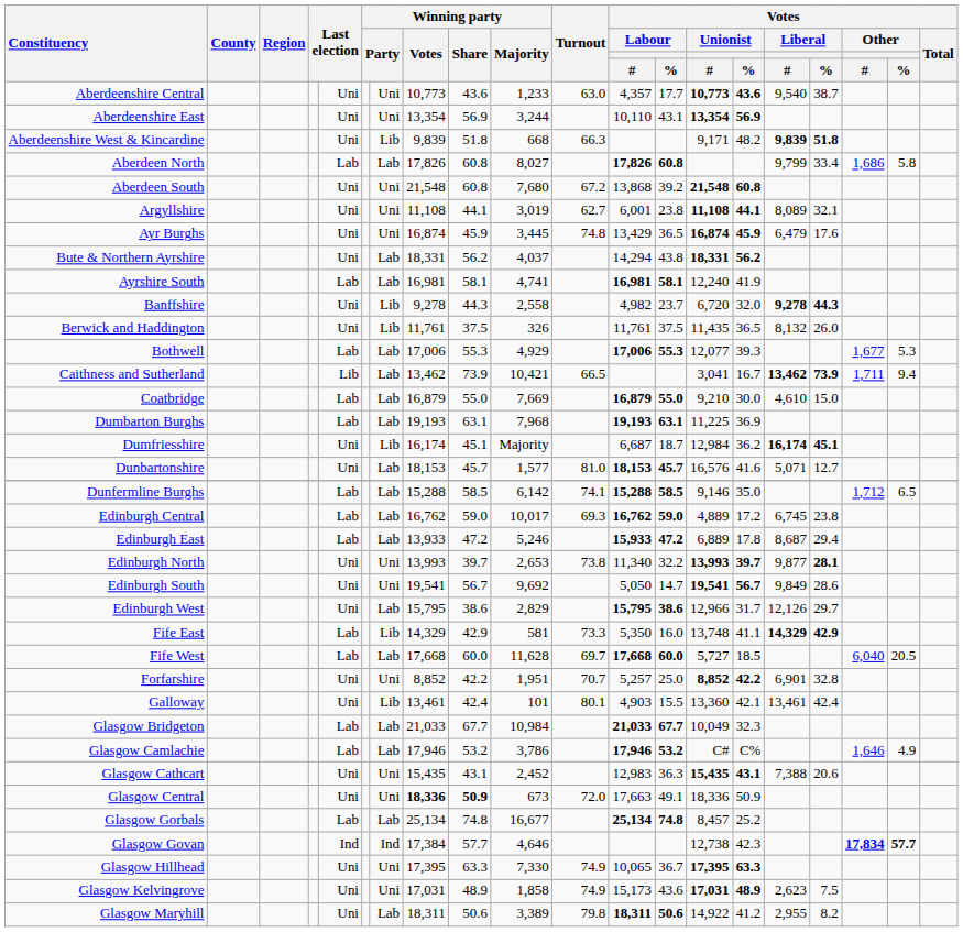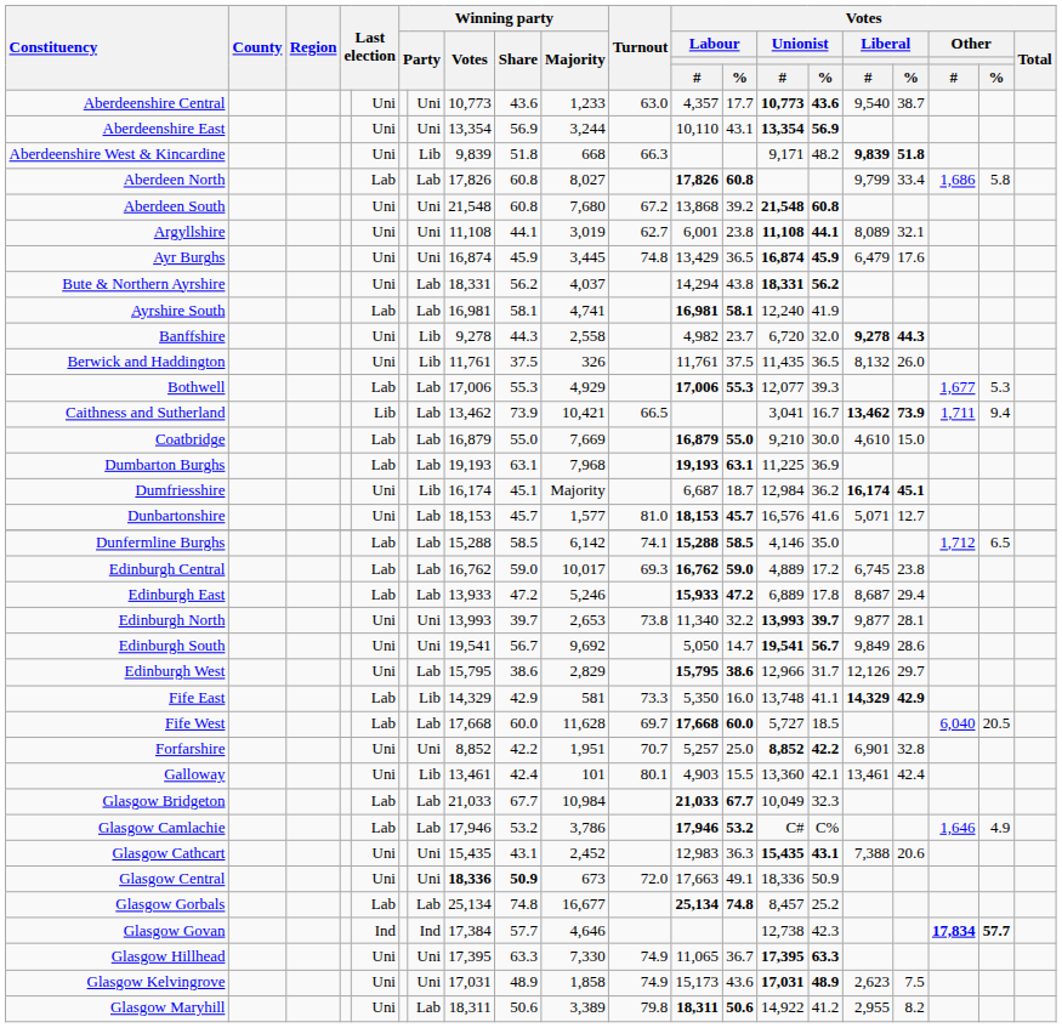 <table class="wikitable sortable" style="text-align:right; font-size:80%">
 <tr>
 <th rowspan="4" scope="col" style="text-align:left;"><a href='#'>Constituency</a></th>
 <th rowspan="4" scope="col"><a href='#'>County</a></th>
 <th rowspan="4" scope="col"><a href='#'>Region</a></th>
 <th colspan="2" rowspan="4" scope="col">Last<br>election</th>
 <th scope="col" colspan="5">Winning party</th>
 <th rowspan="4" scope="col">Turnout<br></th>
 <th colspan="9" scope="col">Votes</th>
 </tr>
 <tr>
 <th colspan="2" rowspan="3" scope="col">Party</th>
 <th rowspan="3" scope="col">Votes</th>
 <th rowspan="3" scope="col">Share</th>
 <th rowspan="3" scope="col">Majority</th>
 <th colspan="2" scope="col"><a href='#'>Labour</a></th>
 <th colspan="2" scope="col"><a href='#'>Unionist</a></th>
 <th colspan="2" scope="col"><a href='#'>Liberal</a></th>
 <th colspan="2" scope="col">Other</th>
 <th rowspan="3" scope="col">Total</th>
 </tr>
 <tr>
 <th colspan="2" scope="col" style="background:"></th>
 <th colspan="2" scope="col" style="background:"></th>
 <th colspan="2" scope="col" style="background:"></th>
 <th colspan="2"></th>
 </tr>
 <tr>
 <th>#</th>
 <th>%</th>
 <th>#</th>
 <th>%</th>
 <th>#</th>
 <th>%</th>
 <th>#</th>
 <th>%</th>
 </tr>
 <tr>
 <td><a href='#'>Aberdeenshire Central</a></td>
 <td></td>
 <td></td>
 <td></td>
 <td>Uni</td>
 <td></td>
 <td>Uni</td>
 <td>10,773</td>
 <td>43.6</td>
 <td>1,233</td>
 <td>63.0</td>
 <td>4,357</td>
 <td>17.7</td>
 <td><strong>10,773</strong></td>
 <td><strong>43.6</strong></td>
 <td>9,540</td>
 <td>38.7</td>
 <td></td>
 <td></td>
 <td></td>
 </tr>
 <tr>
 <td><a href='#'>Aberdeenshire East</a></td>
 <td></td>
 <td></td>
 <td></td>
 <td>Uni</td>
 <td></td>
 <td>Uni</td>
 <td>13,354</td>
 <td>56.9</td>
 <td>3,244</td>
 <td></td>
 <td>10,110</td>
 <td>43.1</td>
 <td><strong>13,354</strong></td>
 <td><strong>56.9</strong></td>
 <td></td>
 <td></td>
 <td></td>
 <td></td>
 <td></td>
 </tr>
 <tr>
 <td><a href='#'>Aberdeenshire West & Kincardine</a></td>
 <td></td>
 <td></td>
 <td></td>
 <td>Uni</td>
 <td></td>
 <td>Lib</td>
 <td>9,839</td>
 <td>51.8</td>
 <td>668</td>
 <td>66.3</td>
 <td></td>
 <td></td>
 <td>9,171</td>
 <td>48.2</td>
 <td><strong>9,839</strong></td>
 <td><strong>51.8</strong></td>
 <td></td>
 <td></td>
 <td></td>
 </tr>
 <tr>
 <td><a href='#'>Aberdeen North</a></td>
 <td></td>
 <td></td>
 <td></td>
 <td>Lab</td>
 <td></td>
 <td>Lab</td>
 <td>17,826</td>
 <td>60.8</td>
 <td>8,027</td>
 <td></td>
 <td><strong>17,826</strong></td>
 <td><strong>60.8</strong></td>
 <td></td>
 <td></td>
 <td>9,799</td>
 <td>33.4</td>
 <td><a href='#'>1,686</a></td>
 <td>5.8</td>
 <td></td>
 </tr>
 <tr>
 <td><a href='#'>Aberdeen South</a></td>
 <td></td>
 <td></td>
 <td></td>
 <td>Uni</td>
 <td></td>
 <td>Uni</td>
 <td>21,548</td>
 <td>60.8</td>
 <td>7,680</td>
 <td>67.2</td>
 <td>13,868</td>
 <td>39.2</td>
 <td><strong>21,548</strong></td>
 <td><strong>60.8</strong></td>
 <td></td>
 <td></td>
 <td></td>
 <td></td>
 <td></td>
 </tr>
 <tr>
 <td><a href='#'>Argyllshire</a></td>
 <td></td>
 <td></td>
 <td></td>
 <td>Uni</td>
 <td></td>
 <td>Uni</td>
 <td>11,108</td>
 <td>44.1</td>
 <td>3,019</td>
 <td>62.7</td>
 <td>6,001</td>
 <td>23.8</td>
 <td><strong>11,108</strong></td>
 <td><strong>44.1</strong></td>
 <td>8,089</td>
 <td>32.1</td>
 <td></td>
 <td></td>
 <td></td>
 </tr>
 <tr>
 <td><a href='#'>Ayr Burghs</a></td>
 <td></td>
 <td></td>
 <td></td>
 <td>Uni</td>
 <td></td>
 <td>Uni</td>
 <td>16,874</td>
 <td>45.9</td>
 <td>3,445</td>
 <td>74.8</td>
 <td>13,429</td>
 <td>36.5</td>
 <td><strong>16,874</strong></td>
 <td><strong>45.9</strong></td>
 <td>6,479</td>
 <td>17.6</td>
 <td></td>
 <td></td>
 <td></td>
 </tr>
 <tr>
 <td><a href='#'>Bute & Northern Ayrshire</a></td>
 <td></td>
 <td></td>
 <td></td>
 <td>Uni</td>
 <td></td>
 <td>Lab</td>
 <td>18,331</td>
 <td>56.2</td>
 <td>4,037</td>
 <td></td>
 <td>14,294</td>
 <td>43.8</td>
 <td><strong>18,331</strong></td>
 <td><strong>56.2</strong></td>
 <td></td>
 <td></td>
 <td></td>
 <td></td>
 <td></td>
 </tr>
 <tr>
 <td><a href='#'>Ayrshire South</a></td>
 <td></td>
 <td></td>
 <td></td>
 <td>Lab</td>
 <td></td>
 <td>Lab</td>
 <td>16,981</td>
 <td>58.1</td>
 <td>4,741</td>
 <td></td>
 <td><strong>16,981</strong></td>
 <td><strong>58.1</strong></td>
 <td>12,240</td>
 <td>41.9</td>
 <td></td>
 <td></td>
 <td></td>
 <td></td>
 <td></td>
 </tr>
 <tr>
 <td><a href='#'>Banffshire</a></td>
 <td></td>
 <td></td>
 <td></td>
 <td>Uni</td>
 <td></td>
 <td>Lib</td>
 <td>9,278</td>
 <td>44.3</td>
 <td>2,558</td>
 <td></td>
 <td>4,982</td>
 <td>23.7</td>
 <td>6,720</td>
 <td>32.0</td>
 <td><strong>9,278</strong></td>
 <td><strong>44.3</strong></td>
 <td></td>
 <td></td>
 <td></td>
 </tr>
 <tr>
 <td><a href='#'>Berwick and Haddington</a></td>
 <td></td>
 <td></td>
 <td></td>
 <td>Uni</td>
 <td></td>
 <td>Lib</td>
 <td>11,761</td>
 <td>37.5</td>
 <td>326</td>
 <td></td>
 <td>11,761</td>
 <td>37.5</td>
 <td>11,435</td>
 <td>36.5</td>
 <td>8,132</td>
 <td>26.0</td>
 <td></td>
 <td></td>
 <td></td>
 </tr>
 <tr>
 <td><a href='#'>Bothwell</a></td>
 <td></td>
 <td></td>
 <td></td>
 <td>Lab</td>
 <td></td>
 <td>Lab</td>
 <td>17,006</td>
 <td>55.3</td>
 <td>4,929</td>
 <td></td>
 <td><strong>17,006</strong></td>
 <td><strong>55.3</strong></td>
 <td>12,077</td>
 <td>39.3</td>
 <td></td>
 <td></td>
 <td><a href='#'>1,677</a></td>
 <td>5.3</td>
 <td></td>
 </tr>
 <tr>
 <td><a href='#'>Caithness and Sutherland</a></td>
 <td></td>
 <td></td>
 <td></td>
 <td>Lib</td>
 <td></td>
 <td>Lab</td>
 <td>13,462</td>
 <td>73.9</td>
 <td>10,421</td>
 <td>66.5</td>
 <td></td>
 <td></td>
 <td>3,041</td>
 <td>16.7</td>
 <td><strong>13,462</strong></td>
 <td><strong>73.9</strong></td>
 <td><a href='#'>1,711</a></td>
 <td>9.4</td>
 <td></td>
 </tr>
 <tr>
 <td><a href='#'>Coatbridge</a></td>
 <td></td>
 <td></td>
 <td></td>
 <td>Lab</td>
 <td></td>
 <td>Lab</td>
 <td>16,879</td>
 <td>55.0</td>
 <td>7,669</td>
 <td></td>
 <td><strong>16,879</strong></td>
 <td><strong>55.0</strong></td>
 <td>9,210</td>
 <td>30.0</td>
 <td>4,610</td>
 <td>15.0</td>
 <td></td>
 <td></td>
 <td></td>
 </tr>
 <tr>
 <td><a href='#'>Dumbarton Burghs</a></td>
 <td></td>
 <td></td>
 <td></td>
 <td>Lab</td>
 <td></td>
 <td>Lab</td>
 <td>19,193</td>
 <td>63.1</td>
 <td>7,968</td>
 <td></td>
 <td><strong>19,193</strong></td>
 <td><strong>63.1</strong></td>
 <td>11,225</td>
 <td>36.9</td>
 <td></td>
 <td></td>
 <td></td>
 <td></td>
 <td></td>
 </tr>
 <tr>
 <td><a href='#'>Dumfriesshire</a></td>
 <td></td>
 <td></td>
 <td></td>
 <td>Uni</td>
 <td></td>
 <td>Lib</td>
 <td>16,174</td>
 <td>45.1</td>
 <td>Majority</td>
 <td></td>
 <td>6,687</td>
 <td>18.7</td>
 <td>12,984</td>
 <td>36.2</td>
 <td><strong>16,174</strong></td>
 <td><strong>45.1</strong></td>
 <td></td>
 <td></td>
 <td></td>
 </tr>
 <tr>
 <td><a href='#'>Dunbartonshire</a></td>
 <td></td>
 <td></td>
 <td></td>
 <td>Uni</td>
 <td></td>
 <td>Lab</td>
 <td>18,153</td>
 <td>45.7</td>
 <td>1,577</td>
 <td>81.0</td>
 <td><strong>18,153</strong></td>
 <td><strong>45.7</strong></td>
 <td>16,576</td>
 <td>41.6</td>
 <td>5,071</td>
 <td>12.7</td>
 <td></td>
 <td></td>
 <td></td>
 </tr>
 <tr>
 </tr>
 <tr>
 <td><a href='#'>Dunfermline Burghs</a></td>
 <td></td>
 <td></td>
 <td></td>
 <td>Lab</td>
 <td></td>
 <td>Lab</td>
 <td>15,288</td>
 <td>58.5</td>
 <td>6,142</td>
 <td>74.1</td>
 <td><strong>15,288</strong></td>
 <td><strong>58.5</strong></td>
-<td>9,146</td>
+<td>4,146</td>
 <td>35.0</td>
 <td></td>
 <td></td>
 <td><a href='#'>1,712</a></td>
 <td>6.5</td>
 <td></td>
 </tr>
 <tr>
 <td><a href='#'>Edinburgh Central</a></td>
 <td></td>
 <td></td>
 <td></td>
 <td>Lab</td>
 <td></td>
 <td>Lab</td>
 <td>16,762</td>
 <td>59.0</td>
 <td>10,017</td>
 <td>69.3</td>
 <td><strong>16,762</strong></td>
 <td><strong>59.0</strong></td>
 <td>4,889</td>
 <td>17.2</td>
 <td>6,745</td>
 <td>23.8</td>
 <td></td>
 <td></td>
 <td></td>
 </tr>
 <tr>
 <td><a href='#'>Edinburgh East</a></td>
 <td></td>
 <td></td>
 <td></td>
 <td>Lab</td>
 <td></td>
 <td>Lab</td>
 <td>13,933</td>
 <td>47.2</td>
 <td>5,246</td>
 <td></td>
 <td><strong>15,933</strong></td>
 <td><strong>47.2</strong></td>
 <td>6,889</td>
 <td>17.8</td>
 <td>8,687</td>
 <td>29.4</td>
 <td></td>
 <td></td>
 <td></td>
 </tr>
 <tr>
 <td><a href='#'>Edinburgh North</a></td>
 <td></td>
 <td></td>
 <td></td>
 <td>Uni</td>
 <td></td>
 <td>Uni</td>
 <td>13,993</td>
 <td>39.7</td>
 <td>2,653</td>
 <td>73.8</td>
 <td>11,340</td>
 <td>32.2</td>
 <td><strong>13,993</strong></td>
 <td><strong>39.7</strong></td>
 <td>9,877</td>
-<td><strong>28.1</strong></td>
+<td>28.1</td>
 <td></td>
 <td></td>
 <td></td>
 </tr>
 <tr>
 <td><a href='#'>Edinburgh South</a></td>
 <td></td>
 <td></td>
 <td></td>
 <td>Uni</td>
 <td></td>
 <td>Uni</td>
 <td>19,541</td>
 <td>56.7</td>
 <td>9,692</td>
 <td></td>
 <td>5,050</td>
 <td>14.7</td>
 <td><strong>19,541</strong></td>
 <td><strong>56.7</strong></td>
 <td>9,849</td>
 <td>28.6</td>
 <td></td>
 <td></td>
 <td></td>
 </tr>
 <tr>
 <td><a href='#'>Edinburgh West</a></td>
 <td></td>
 <td></td>
 <td></td>
 <td>Uni</td>
 <td></td>
 <td>Lab</td>
 <td>15,795</td>
 <td>38.6</td>
 <td>2,829</td>
 <td></td>
 <td><strong>15,795</strong></td>
 <td><strong>38.6</strong></td>
 <td>12,966</td>
 <td>31.7</td>
 <td>12,126</td>
 <td>29.7</td>
 <td></td>
 <td></td>
 <td></td>
 </tr>
 <tr>
 <td><a href='#'>Fife East</a></td>
 <td></td>
 <td></td>
 <td></td>
 <td>Lab</td>
 <td></td>
 <td>Lib</td>
 <td>14,329</td>
 <td>42.9</td>
 <td>581</td>
 <td>73.3</td>
 <td>5,350</td>
 <td>16.0</td>
 <td>13,748</td>
 <td>41.1</td>
 <td><strong>14,329</strong></td>
 <td><strong>42.9</strong></td>
 <td></td>
 <td></td>
 <td></td>
 </tr>
 <tr>
 <td><a href='#'>Fife West</a></td>
 <td></td>
 <td></td>
 <td></td>
 <td>Lab</td>
 <td></td>
 <td>Lab</td>
 <td>17,668</td>
 <td>60.0</td>
 <td>11,628</td>
 <td>69.7</td>
 <td><strong>17,668</strong></td>
 <td><strong>60.0</strong></td>
 <td>5,727</td>
 <td>18.5</td>
 <td></td>
 <td></td>
 <td><a href='#'>6,040</a></td>
 <td>20.5</td>
 <td></td>
 </tr>
 <tr>
 <td><a href='#'>Forfarshire</a></td>
 <td></td>
 <td></td>
 <td></td>
 <td>Uni</td>
 <td></td>
 <td>Uni</td>
 <td>8,852</td>
 <td>42.2</td>
 <td>1,951</td>
 <td>70.7</td>
 <td>5,257</td>
 <td>25.0</td>
 <td><strong>8,852</strong></td>
 <td><strong>42.2</strong></td>
 <td>6,901</td>
 <td>32.8</td>
 <td></td>
 <td></td>
 <td></td>
 </tr>
 <tr>
 <td><a href='#'>Galloway</a></td>
 <td></td>
 <td></td>
 <td></td>
 <td>Uni</td>
 <td></td>
 <td>Lib</td>
 <td>13,461</td>
 <td>42.4</td>
 <td>101</td>
 <td>80.1</td>
 <td>4,903</td>
 <td>15.5</td>
 <td>13,360</td>
 <td>42.1</td>
 <td>13,461</td>
 <td>42.4</td>
 <td></td>
 <td></td>
 </tr>
 <tr>
 <td><a href='#'>Glasgow Bridgeton</a></td>
 <td></td>
 <td></td>
 <td></td>
 <td>Lab</td>
 <td></td>
 <td>Lab</td>
 <td>21,033</td>
 <td>67.7</td>
 <td>10,984</td>
 <td></td>
 <td><strong>21,033</strong></td>
 <td><strong>67.7</strong></td>
 <td>10,049</td>
 <td>32.3</td>
 <td></td>
 <td></td>
 <td></td>
 <td></td>
 <td></td>
 </tr>
 <tr>
 <td><a href='#'>Glasgow Camlachie</a></td>
 <td></td>
 <td></td>
 <td></td>
 <td>Lab</td>
 <td></td>
 <td>Lab</td>
 <td>17,946</td>
 <td>53.2</td>
 <td>3,786</td>
 <td></td>
 <td><strong>17,946</strong></td>
 <td><strong>53.2</strong></td>
 <td>C#</td>
 <td>C%</td>
 <td></td>
 <td></td>
 <td><a href='#'>1,646</a></td>
 <td>4.9</td>
 <td></td>
 </tr>
 <tr>
 <td><a href='#'>Glasgow Cathcart</a></td>
 <td></td>
 <td></td>
 <td></td>
 <td>Uni</td>
 <td></td>
 <td>Uni</td>
 <td>15,435</td>
 <td>43.1</td>
 <td>2,452</td>
 <td></td>
 <td>12,983</td>
 <td>36.3</td>
 <td><strong>15,435</strong></td>
 <td><strong>43.1</strong></td>
 <td>7,388</td>
 <td>20.6</td>
 <td></td>
 <td></td>
 <td></td>
 </tr>
 <tr>
 <td><a href='#'>Glasgow Central</a></td>
 <td></td>
 <td></td>
 <td></td>
 <td>Uni</td>
 <td></td>
 <td>Uni</td>
 <td><strong>18,336</strong></td>
 <td><strong>50.9</strong></td>
 <td>673</td>
 <td>72.0</td>
 <td>17,663</td>
 <td>49.1</td>
 <td>18,336</td>
 <td>50.9</td>
 <td></td>
 <td></td>
 <td></td>
 <td></td>
 <td></td>
 </tr>
 <tr>
 <td><a href='#'>Glasgow Gorbals</a></td>
 <td></td>
 <td></td>
 <td></td>
 <td>Lab</td>
 <td></td>
 <td>Lab</td>
 <td>25,134</td>
 <td>74.8</td>
 <td>16,677</td>
 <td></td>
 <td><strong>25,134</strong></td>
 <td><strong>74.8</strong></td>
 <td>8,457</td>
 <td>25.2</td>
 <td></td>
 <td></td>
 <td></td>
 <td></td>
 <td></td>
 </tr>
 <tr>
 <td><a href='#'>Glasgow Govan</a></td>
 <td></td>
 <td></td>
 <td></td>
 <td>Ind</td>
 <td></td>
 <td>Ind</td>
 <td>17,384</td>
 <td>57.7</td>
 <td>4,646</td>
 <td></td>
 <td></td>
 <td></td>
 <td>12,738</td>
 <td>42.3</td>
 <td></td>
 <td></td>
 <td><strong><a href='#'>17,834</a></strong></td>
 <td><strong>57.7</strong></td>
 <td></td>
 </tr>
 <tr>
 <td><a href='#'>Glasgow Hillhead</a></td>
 <td></td>
 <td></td>
 <td></td>
 <td>Uni</td>
 <td></td>
 <td>Uni</td>
 <td>17,395</td>
 <td>63.3</td>
 <td>7,330</td>
 <td>74.9</td>
-<td>10,065</td>
+<td>11,065</td>
 <td>36.7</td>
 <td><strong>17,395</strong></td>
 <td><strong>63.3</strong></td>
 <td></td>
 <td></td>
 <td></td>
 <td></td>
 <td></td>
 </tr>
 <tr>
 <td><a href='#'>Glasgow Kelvingrove</a></td>
 <td></td>
 <td></td>
 <td></td>
 <td>Uni</td>
 <td></td>
 <td>Uni</td>
 <td>17,031</td>
 <td>48.9</td>
 <td>1,858</td>
 <td>74.9</td>
 <td>15,173</td>
 <td>43.6</td>
 <td><strong>17,031</strong></td>
 <td><strong>48.9</strong></td>
 <td>2,623</td>
 <td>7.5</td>
 <td></td>
 <td></td>
 <td></td>
 </tr>
 <tr>
 <td><a href='#'>Glasgow Maryhill</a></td>
 <td></td>
 <td></td>
 <td></td>
 <td>Uni</td>
 <td></td>
 <td>Lab</td>
 <td>18,311</td>
 <td>50.6</td>
 <td>3,389</td>
 <td>79.8</td>
 <td><strong>18,311</strong></td>
 <td><strong>50.6</strong></td>
 <td>14,922</td>
 <td>41.2</td>
 <td>2,955</td>
 <td>8.2</td>
 <td></td>
 <td></td>
 <td></td>
 </tr>
 </table>
